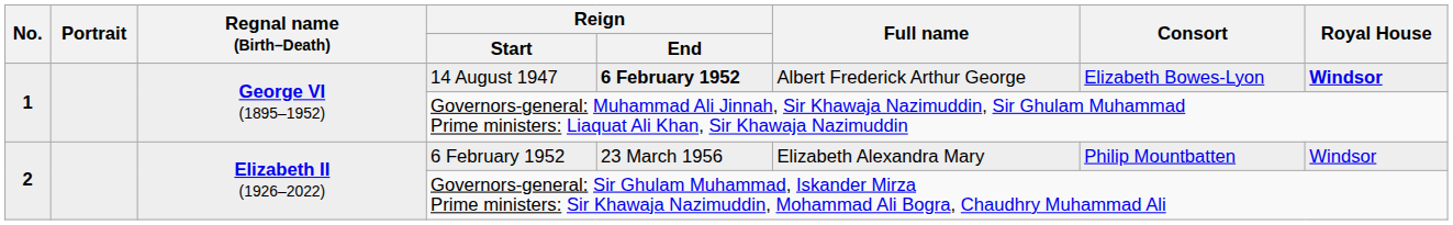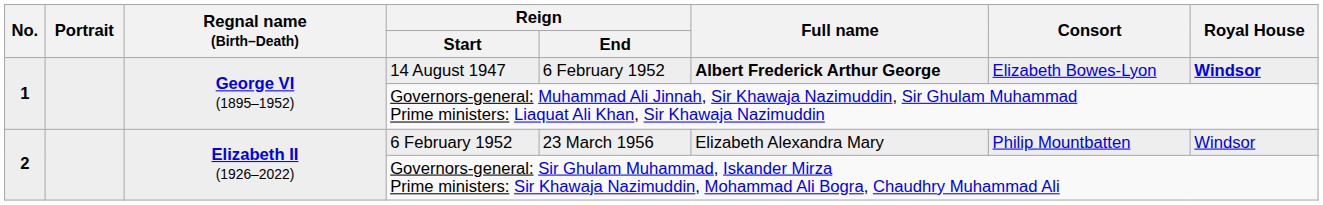 <table class="wikitable" style="width:100%;">
 <tr>
 <th rowspan="2">No.</th>
 <th rowspan="2">Portrait</th>
 <th rowspan="2" style="width:20%;">Regnal name<br><small>(Birth–Death)</small></th>
 <th colspan=2>Reign</th>
 <th rowspan="2">Full name</th>
 <th rowspan="2">Consort</th>
 <th rowspan="2">Royal House</th>
 </tr>
 <tr>
 <th>Start</th>
 <th>End</th>
 </tr>
 <tr style="background:#eee;">
 <td rowspan="2" style="text-align:center;"><strong>1</strong></td>
 <td rowspan="2" style="text-align:center;"></td>
 <td rowspan="2" style="text-align:center;"><strong><a href='#'>George VI</a></strong><br><small>(1895–1952)</small></td>
 <td>14 August 1947</td>
-<td><strong>6 February 1952</strong></td>
-<td>Albert Frederick Arthur George</td>
+<td>6 February 1952</td>
+<td><strong>Albert Frederick Arthur George</strong></td>
 <td><a href='#'>Elizabeth Bowes-Lyon</a></td>
 <td><strong><a href='#'>Windsor</a></strong></td>
 </tr>
 <tr>
 <td colspan="5"><u>Governors-general:</u> <a href='#'>Muhammad Ali Jinnah</a>, <a href='#'>Sir Khawaja Nazimuddin</a>, <a href='#'>Sir Ghulam Muhammad</a><br><u>Prime ministers:</u> <a href='#'>Liaquat Ali Khan</a>, <a href='#'>Sir Khawaja Nazimuddin</a></td>
 </tr>
 <tr style="background:#eee;">
 <td rowspan="2" style="text-align:center;"><strong>2</strong></td>
 <td rowspan="2" style="text-align:center;"></td>
 <td rowspan="2" style="text-align:center;"><strong><a href='#'>Elizabeth II</a></strong><br><small>(1926–2022)</small></td>
 <td>6 February 1952</td>
 <td>23 March 1956</td>
 <td>Elizabeth Alexandra Mary</td>
 <td><a href='#'>Philip Mountbatten</a></td>
 <td><a href='#'>Windsor</a></td>
 </tr>
 <tr>
 <td colspan="5"><u>Governors-general:</u> <a href='#'>Sir Ghulam Muhammad</a>, <a href='#'>Iskander Mirza</a><br><u>Prime ministers:</u> <a href='#'>Sir Khawaja Nazimuddin</a>, <a href='#'>Mohammad Ali Bogra</a>, <a href='#'>Chaudhry Muhammad Ali</a></td>
 </tr>
 </table>
